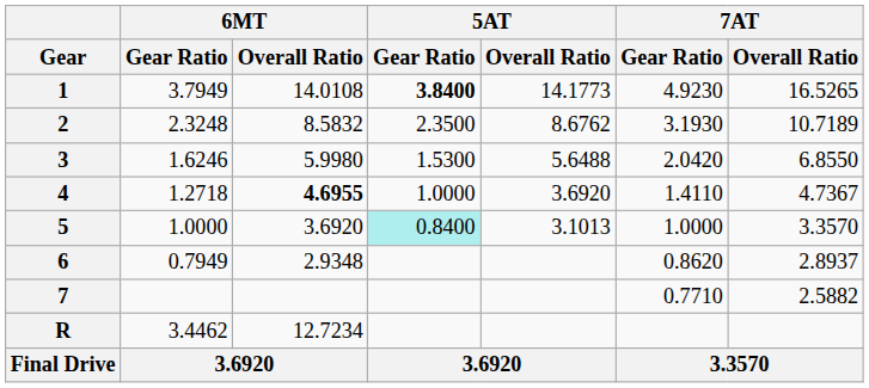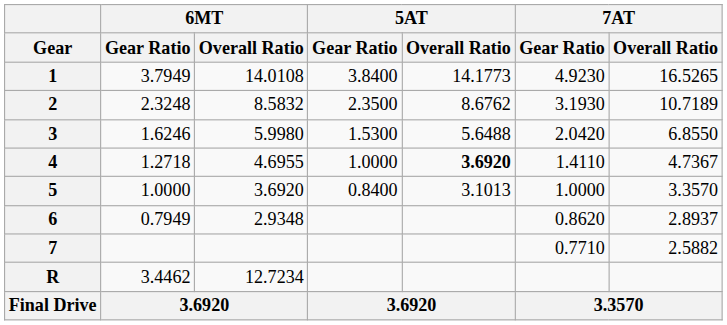 <table class="wikitable">
 <tr>
 <th></th>
 <th colspan="2">6MT</th>
 <th colspan="2">5AT</th>
 <th colspan="2">7AT</th>
 </tr>
 <tr>
 <th>Gear</th>
 <th>Gear Ratio</th>
 <th>Overall Ratio</th>
 <th>Gear Ratio</th>
 <th>Overall Ratio</th>
 <th>Gear Ratio</th>
 <th>Overall Ratio</th>
 </tr>
 <tr>
 <th>1</th>
 <td style="text-align:right;">3.7949</td>
 <td style="text-align:right;">14.0108</td>
-<td style="text-align:right;"><strong>3.8400</strong></td>
+<td style="text-align:right;">3.8400</td>
 <td style="text-align:right;">14.1773</td>
 <td style="text-align:right;">4.9230</td>
 <td style="text-align:right;">16.5265</td>
 </tr>
 <tr>
 <th>2</th>
 <td style="text-align:right;">2.3248</td>
 <td style="text-align:right;">8.5832</td>
 <td style="text-align:right;">2.3500</td>
 <td style="text-align:right;">8.6762</td>
 <td style="text-align:right;">3.1930</td>
 <td style="text-align:right;">10.7189</td>
 </tr>
 <tr>
 <th>3</th>
 <td style="text-align:right;">1.6246</td>
 <td style="text-align:right;">5.9980</td>
 <td style="text-align:right;">1.5300</td>
 <td style="text-align:right;">5.6488</td>
 <td style="text-align:right;">2.0420</td>
 <td style="text-align:right;">6.8550</td>
 </tr>
 <tr>
 <th>4</th>
 <td style="text-align:right;">1.2718</td>
-<td style="text-align:right;"><strong>4.6955</strong></td>
+<td style="text-align:right;">4.6955</td>
 <td style="text-align:right;">1.0000</td>
-<td style="text-align:right;">3.6920</td>
+<td style="text-align:right;"><strong>3.6920</strong></td>
 <td style="text-align:right;">1.4110</td>
 <td style="text-align:right;">4.7367</td>
 </tr>
 <tr>
 <th>5</th>
 <td style="text-align:right;">1.0000</td>
 <td style="text-align:right;">3.6920</td>
-<td style="background: paleturquoise; text-align:right;">0.8400</td>
+<td style="text-align:right;">0.8400</td>
 <td style="text-align:right;">3.1013</td>
 <td style="text-align:right;">1.0000</td>
 <td style="text-align:right;">3.3570</td>
 </tr>
 <tr>
 <th>6</th>
 <td style="text-align:right;">0.7949</td>
 <td style="text-align:right;">2.9348</td>
 <td style="text-align:right;"></td>
 <td style="text-align:right;"></td>
 <td style="text-align:right;">0.8620</td>
 <td style="text-align:right;">2.8937</td>
 </tr>
 <tr>
 <th>7</th>
 <td style="text-align:right;"></td>
 <td style="text-align:right;"></td>
 <td style="text-align:right;"></td>
 <td style="text-align:right;"></td>
 <td style="text-align:right;">0.7710</td>
 <td style="text-align:right;">2.5882</td>
 </tr>
 <tr>
 <th>R</th>
 <td style="text-align:right;">3.4462</td>
 <td style="text-align:right;">12.7234</td>
 <td style="text-align:right;"></td>
 <td style="text-align:right;"></td>
 <td style="text-align:right;"></td>
 <td style="text-align:right;"></td>
 </tr>
 <tr>
 <th>Final Drive</th>
 <th colspan="2">3.6920</th>
 <th colspan="2">3.6920</th>
 <th colspan="2">3.3570</th>
 </tr>
 </table>
